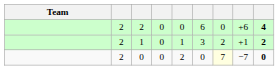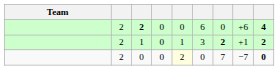 <table class="wikitable" style="text-align: center; font-size:90% ">
 <tr>
 <th width=160>Team</th>
 <th width=25></th>
 <th width=25></th>
 <th width=25></th>
 <th width=25></th>
 <th width=25></th>
 <th width=25></th>
 <th width=25></th>
 <th width=25></th>
 </tr>
 <tr bgcolor="ccffcc">
 <td align=left></td>
 <td>2</td>
-<td>2</td>
+<td><strong>2</strong></td>
 <td>0</td>
 <td>0</td>
 <td>6</td>
 <td>0</td>
 <td>+6</td>
 <td><strong>4</strong></td>
 </tr>
 <tr bgcolor="ccffcc">
 <td align=left></td>
 <td>2</td>
 <td>1</td>
 <td>0</td>
 <td>1</td>
 <td>3</td>
-<td>2</td>
+<td><strong>2</strong></td>
 <td>+1</td>
 <td><strong>2</strong></td>
 </tr>
 <tr>
 <td align=left></td>
 <td>2</td>
 <td>0</td>
 <td>0</td>
-<td>2</td>
+<td style="background: lightyellow;">2</td>
 <td>0</td>
-<td style="background: lightyellow;">7</td>
+<td>7</td>
 <td>−7</td>
 <td><strong>0</strong></td>
 </tr>
 </table>
